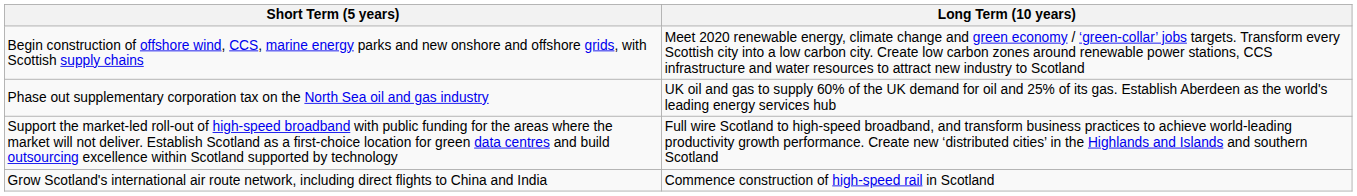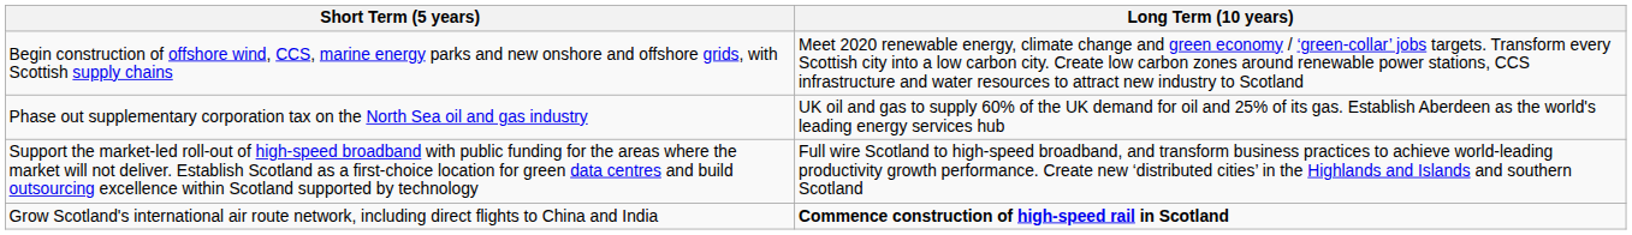 <table class="wikitable">
 <tr>
 <th>Short Term (5 years)</th>
 <th>Long Term (10 years)</th>
 </tr>
 <tr>
 <td>Begin construction of <a href='#'>offshore wind</a>, <a href='#'>CCS</a>, <a href='#'>marine energy</a> parks and new onshore and offshore <a href='#'>grids</a>, with Scottish <a href='#'>supply chains</a></td>
 <td>Meet 2020 renewable energy, climate change and <a href='#'>green economy</a> / <a href='#'>‘green-collar’ jobs</a> targets. Transform every Scottish city into a low carbon city. Create low carbon zones around renewable power stations, CCS infrastructure and water resources to attract new industry to Scotland</td>
 </tr>
 <tr>
 <td>Phase out supplementary corporation tax on the <a href='#'>North Sea oil and gas industry</a></td>
 <td>UK oil and gas to supply 60% of the UK demand for oil and 25% of its gas. Establish Aberdeen as the world's leading energy services hub</td>
 </tr>
 <tr>
 <td>Support the market-led roll-out of <a href='#'>high-speed broadband</a> with public funding for the areas where the market will not deliver. Establish Scotland as a first-choice location for green <a href='#'>data centres</a> and build <a href='#'>outsourcing</a> excellence within Scotland supported by technology</td>
 <td>Full wire Scotland to high-speed broadband, and transform business practices to achieve world-leading productivity growth performance. Create new ‘distributed cities’ in the <a href='#'>Highlands and Islands</a> and southern Scotland</td>
 </tr>
 <tr>
 <td>Grow Scotland's international air route network, including direct flights to China and India</td>
-<td>Commence construction of <a href='#'>high-speed rail</a> in Scotland</td>
+<td><strong>Commence construction of <a href='#'>high-speed rail</a> in Scotland</strong></td>
 </tr>
 </table>
